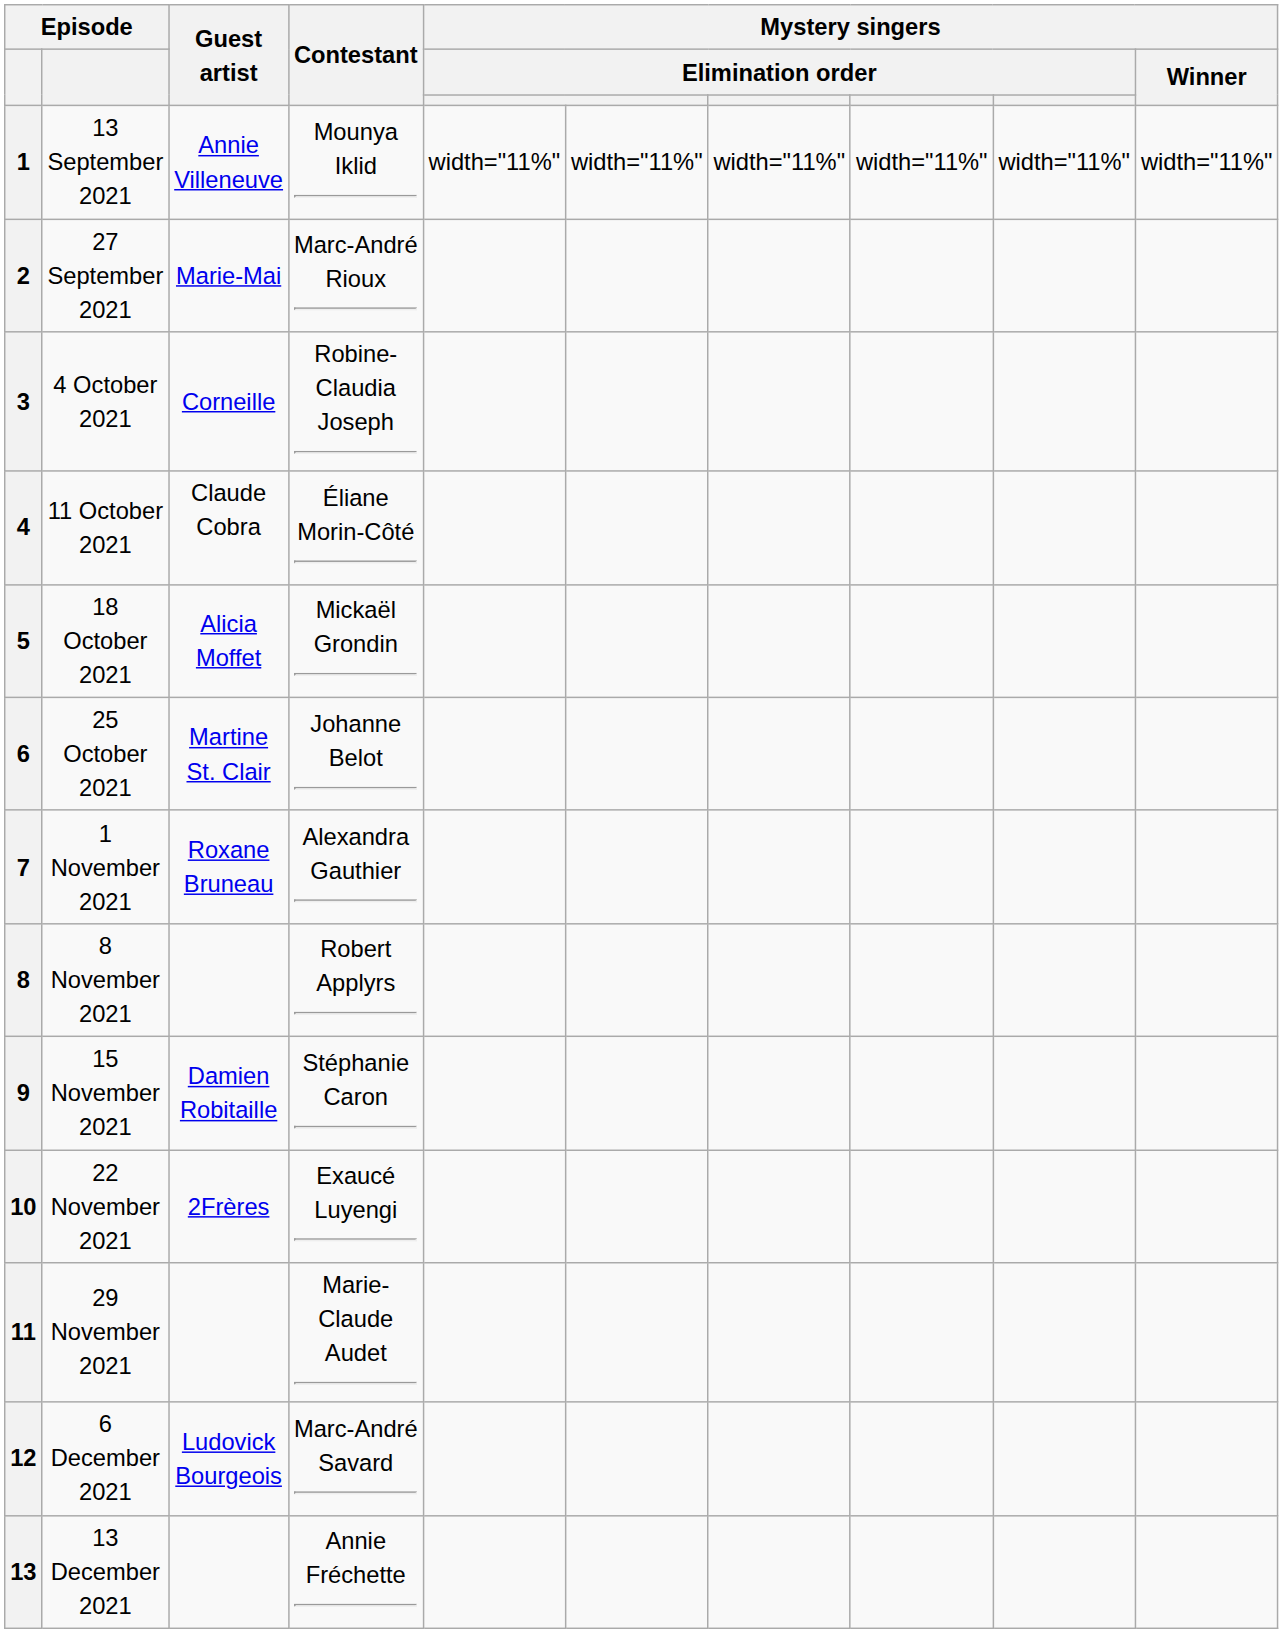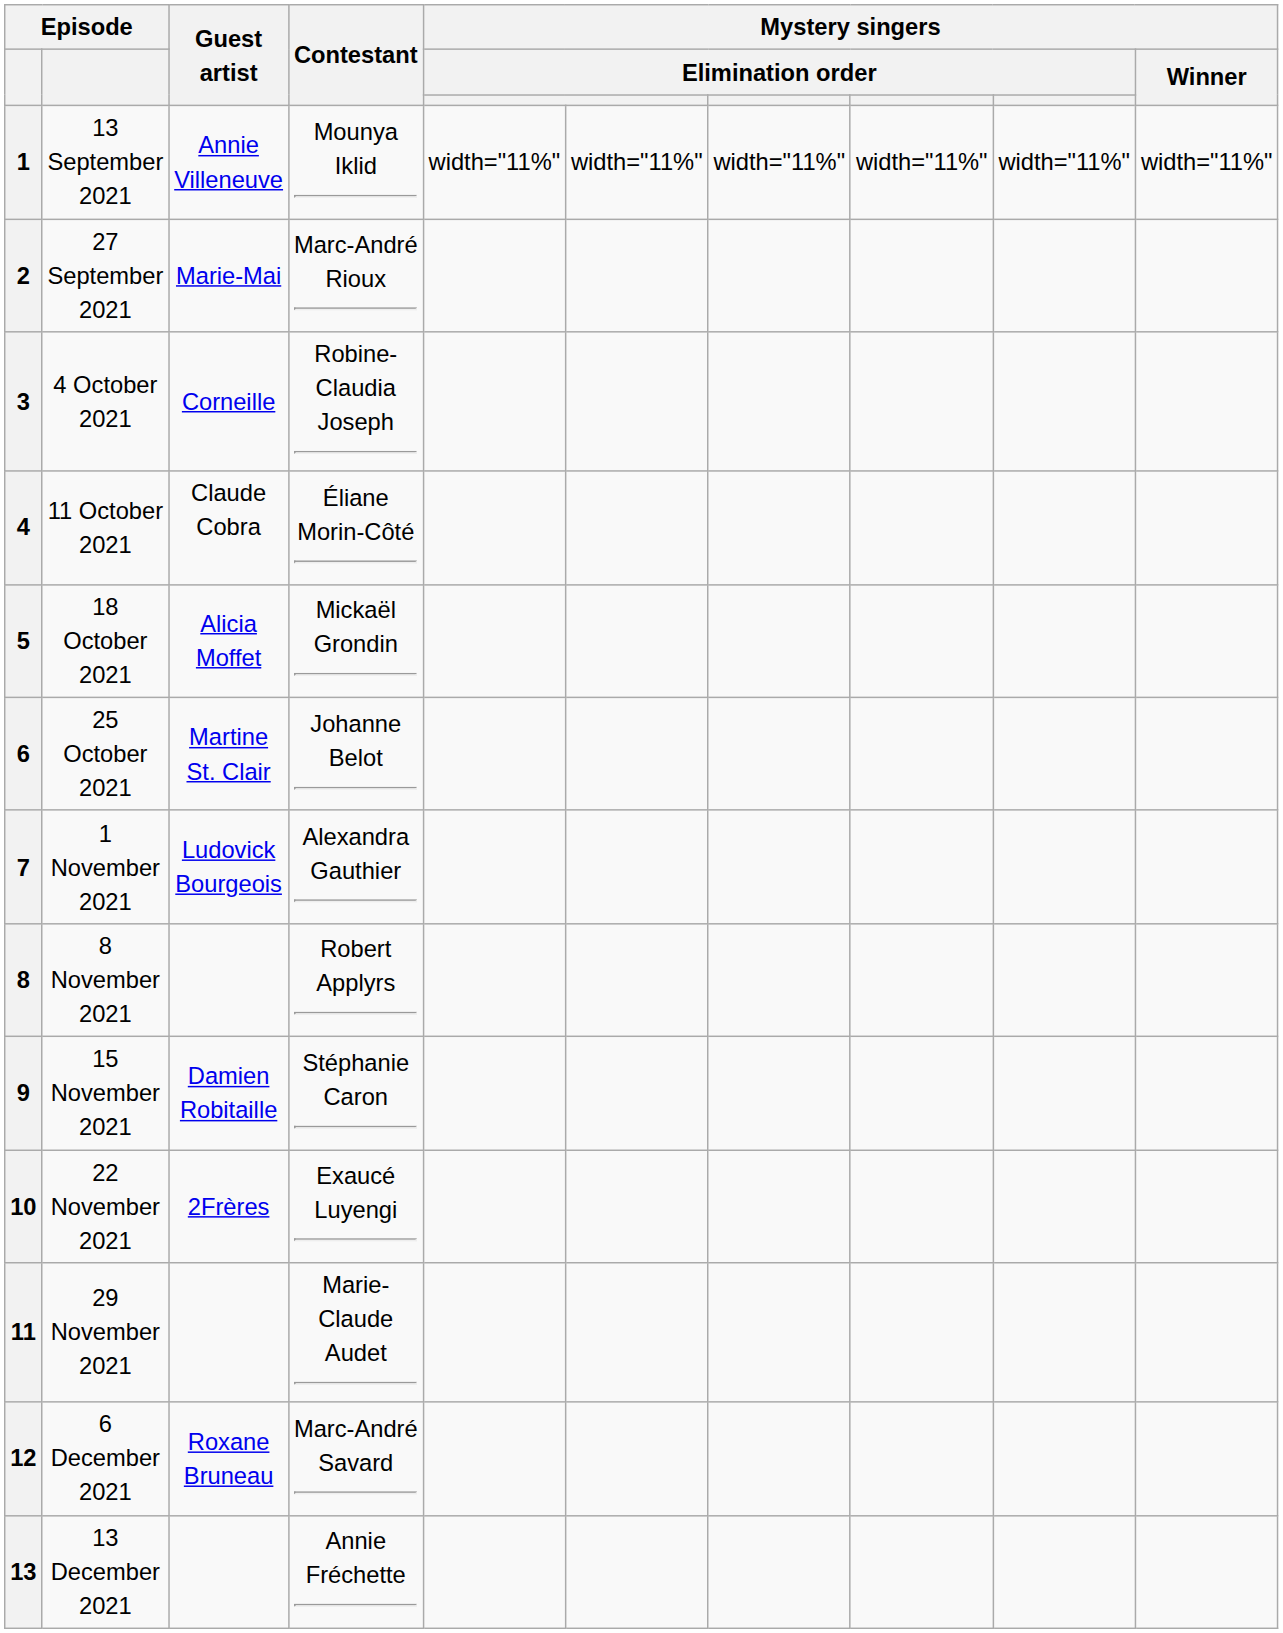 <table class="wikitable plainrowheaders mw-collapsible" style="text-align:center; line-height:23px; width:100%;">
 <tr>
 <th colspan="2" width="1%">Episode</th>
 <th rowspan="3" width="11%">Guest artist</th>
 <th rowspan="3" width="11%">Contestant</th>
 <th colspan="6">Mystery singers<br></th>
 </tr>
 <tr>
 <th rowspan="2"></th>
 <th rowspan="2"></th>
 <th colspan="5">Elimination order</th>
 <th rowspan="2">Winner</th>
 </tr>
 <tr>
 <th colspan="2"></th>
 <th></th>
 <th></th>
 <th></th>
 </tr>
 <tr>
 <th>1</th>
 <td>13 September 2021</td>
 <td><a href='#'>Annie Villeneuve</a></td>
 <td>Mounya Iklid<hr></td>
 <td>width="11%" </td>
 <td>width="11%" </td>
 <td>width="11%" </td>
 <td>width="11%" </td>
 <td>width="11%" </td>
 <td>width="11%" </td>
 </tr>
 <tr>
 <th>2</th>
 <td>27 September 2021</td>
 <td><a href='#'>Marie-Mai</a></td>
 <td>Marc-André Rioux<hr></td>
 <td></td>
 <td></td>
 <td></td>
 <td></td>
 <td></td>
 <td></td>
 </tr>
 <tr>
 <th>3</th>
 <td>4 October 2021</td>
 <td><a href='#'>Corneille</a><br></td>
 <td>Robine-Claudia Joseph<hr></td>
 <td></td>
 <td></td>
 <td></td>
 <td></td>
 <td></td>
 <td></td>
 </tr>
 <tr>
 <th>4</th>
 <td>11 October 2021</td>
 <td>Claude Cobra<br><br></td>
 <td>Éliane Morin-Côté<hr></td>
 <td></td>
 <td></td>
 <td></td>
 <td></td>
 <td></td>
 <td></td>
 </tr>
 <tr>
 <th>5</th>
 <td>18 October 2021</td>
 <td><a href='#'>Alicia Moffet</a><br></td>
 <td>Mickaël Grondin<hr></td>
 <td></td>
 <td></td>
 <td></td>
 <td></td>
 <td></td>
 <td></td>
 </tr>
 <tr>
 <th>6</th>
 <td>25 October 2021</td>
 <td><a href='#'>Martine St. Clair</a></td>
 <td>Johanne Belot<hr></td>
 <td></td>
 <td></td>
 <td></td>
 <td></td>
 <td></td>
 <td></td>
 </tr>
 <tr>
 <th>7</th>
 <td>1 November 2021</td>
-<td><a href='#'>Roxane Bruneau</a></td>
+<td><a href='#'>Ludovick Bourgeois</a><br></td>
 <td>Alexandra Gauthier<hr></td>
 <td></td>
 <td></td>
 <td></td>
 <td></td>
 <td></td>
 <td></td>
 </tr>
 <tr>
 <th>8</th>
 <td>8 November 2021</td>
 <td></td>
 <td>Robert Applyrs<hr></td>
 <td></td>
 <td></td>
 <td></td>
 <td></td>
 <td></td>
 <td></td>
 </tr>
 <tr>
 <th>9</th>
 <td>15 November 2021</td>
 <td><a href='#'>Damien Robitaille</a></td>
 <td>Stéphanie Caron<hr></td>
 <td></td>
 <td></td>
 <td></td>
 <td></td>
 <td></td>
 <td></td>
 </tr>
 <tr>
 <th>10</th>
 <td>22 November 2021</td>
 <td><a href='#'>2Frères</a></td>
 <td>Exaucé Luyengi<hr></td>
 <td></td>
 <td></td>
 <td></td>
 <td></td>
 <td></td>
 <td></td>
 </tr>
 <tr>
 <th>11</th>
 <td>29 November 2021</td>
 <td></td>
 <td>Marie-Claude Audet<hr></td>
 <td></td>
 <td></td>
 <td></td>
 <td></td>
 <td></td>
 <td></td>
 </tr>
 <tr>
 <th>12</th>
 <td>6 December 2021</td>
-<td><a href='#'>Ludovick Bourgeois</a><br></td>
+<td><a href='#'>Roxane Bruneau</a></td>
 <td>Marc-André Savard<hr></td>
 <td></td>
 <td></td>
 <td></td>
 <td></td>
 <td></td>
 <td></td>
 </tr>
 <tr>
 <th>13</th>
 <td>13 December 2021</td>
 <td></td>
 <td>Annie Fréchette<hr></td>
 <td></td>
 <td></td>
 <td></td>
 <td></td>
 <td></td>
 <td></td>
 </tr>
 </table>
